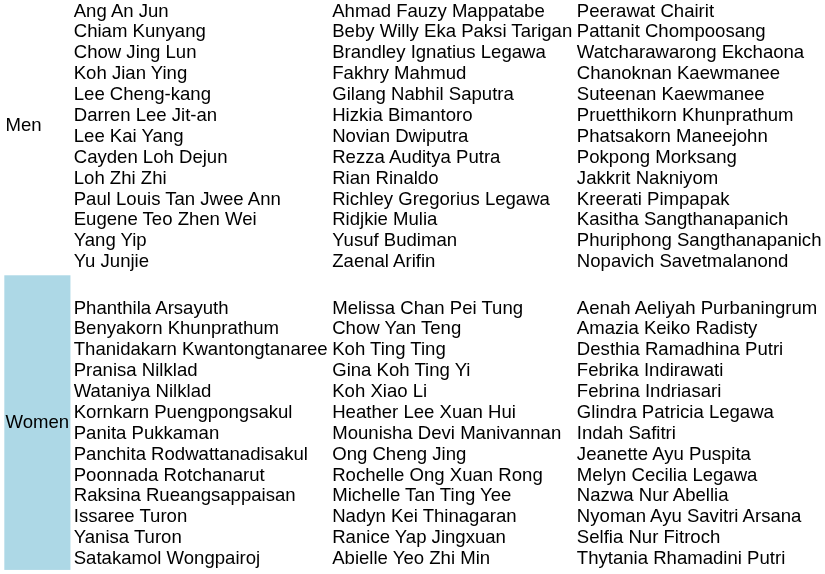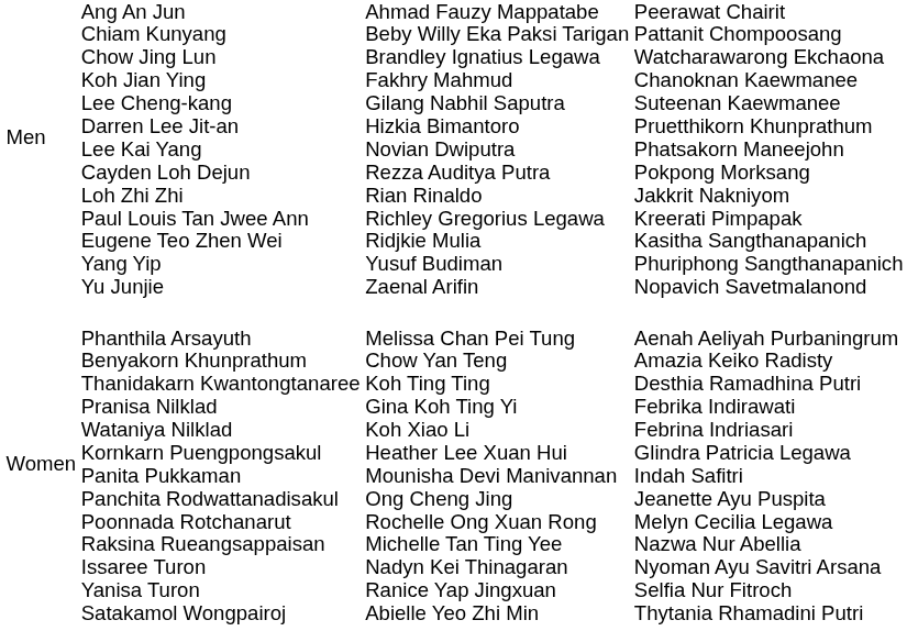 <table>
 <tr>
 <td>Men</td>
 <td><br>Ang An Jun<br>Chiam Kunyang<br>Chow Jing Lun<br>Koh Jian Ying<br>Lee Cheng-kang<br>Darren Lee Jit-an<br>Lee Kai Yang<br>Cayden Loh Dejun<br>Loh Zhi Zhi<br>Paul Louis Tan Jwee Ann<br>Eugene Teo Zhen Wei<br>Yang Yip<br>Yu Junjie</td>
 <td nowrap><br>Ahmad Fauzy Mappatabe<br>Beby Willy Eka Paksi Tarigan<br>Brandley Ignatius Legawa<br>Fakhry Mahmud<br>Gilang Nabhil Saputra<br>Hizkia Bimantoro<br>Novian Dwiputra<br>Rezza Auditya Putra<br>Rian Rinaldo<br>Richley Gregorius Legawa<br>Ridjkie Mulia<br>Yusuf Budiman<br>Zaenal Arifin</td>
 <td nowrap><br>Peerawat Chairit<br>Pattanit Chompoosang<br>Watcharawarong Ekchaona<br>Chanoknan Kaewmanee<br>Suteenan Kaewmanee<br>Pruetthikorn Khunprathum<br>Phatsakorn Maneejohn<br>Pokpong Morksang<br>Jakkrit Nakniyom<br>Kreerati Pimpapak<br>Kasitha Sangthanapanich<br>Phuriphong Sangthanapanich<br>Nopavich Savetmalanond</td>
 </tr>
 <tr>
-<td style="background: lightblue;">Women</td>
+<td>Women</td>
 <td nowrap><br>Phanthila Arsayuth<br>Benyakorn Khunprathum<br>Thanidakarn Kwantongtanaree<br>Pranisa Nilklad<br>Wataniya Nilklad<br>Kornkarn Puengpongsakul<br>Panita Pukkaman<br>Panchita Rodwattanadisakul<br>Poonnada Rotchanarut<br>Raksina Rueangsappaisan<br>Issaree Turon<br>Yanisa Turon<br>Satakamol Wongpairoj</td>
 <td nowrap><br>Melissa Chan Pei Tung<br>Chow Yan Teng<br>Koh Ting Ting<br>Gina Koh Ting Yi<br>Koh Xiao Li<br>Heather Lee Xuan Hui<br>Mounisha Devi Manivannan<br>Ong Cheng Jing<br>Rochelle Ong Xuan Rong<br>Michelle Tan Ting Yee<br>Nadyn Kei Thinagaran<br>Ranice Yap Jingxuan<br>Abielle Yeo Zhi Min</td>
 <td><br>Aenah Aeliyah Purbaningrum<br>Amazia Keiko Radisty<br>Desthia Ramadhina Putri<br>Febrika Indirawati<br>Febrina Indriasari<br>Glindra Patricia Legawa<br>Indah Safitri<br>Jeanette Ayu Puspita<br>Melyn Cecilia Legawa<br>Nazwa Nur Abellia<br>Nyoman Ayu Savitri Arsana<br>Selfia Nur Fitroch<br>Thytania Rhamadini Putri</td>
 </tr>
 </table>
